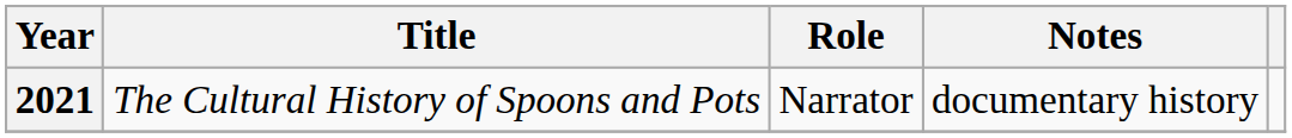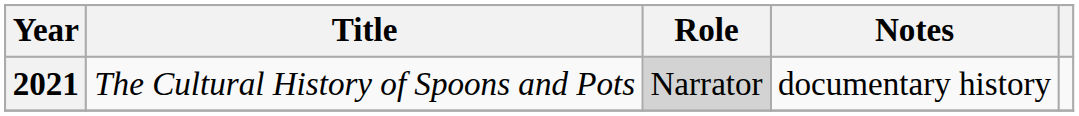 <table class="wikitable sortable plainrowheaders">
 <tr>
 <th scope="col">Year</th>
 <th scope="col">Title</th>
 <th scope="col">Role</th>
 <th scope="col">Notes</th>
 <th scope="col" class="unsortable"></th>
 </tr>
 <tr>
 <th scope="row">2021</th>
 <td><em>The Cultural History of Spoons and Pots</em></td>
-<td>Narrator</td>
+<td style="background: lightgrey;">Narrator</td>
 <td>documentary history</td>
 <td style="text-align:center"></td>
 </tr>
 <tr>
 </tr>
 </table>
